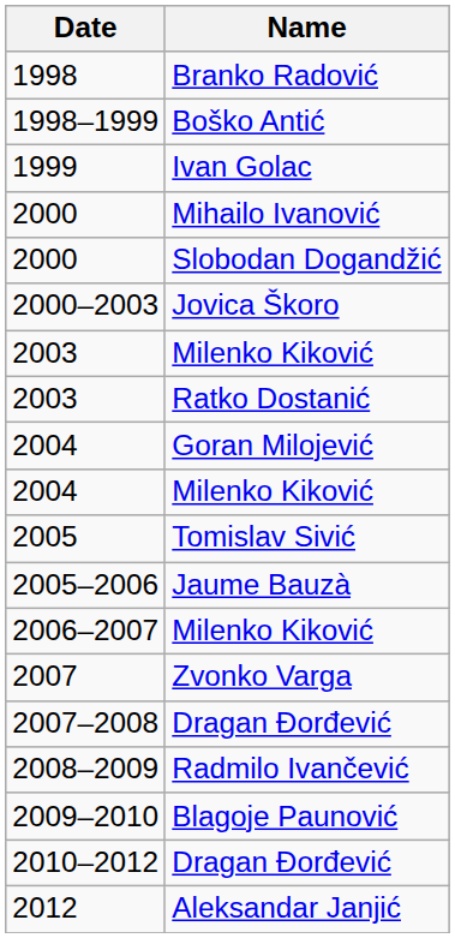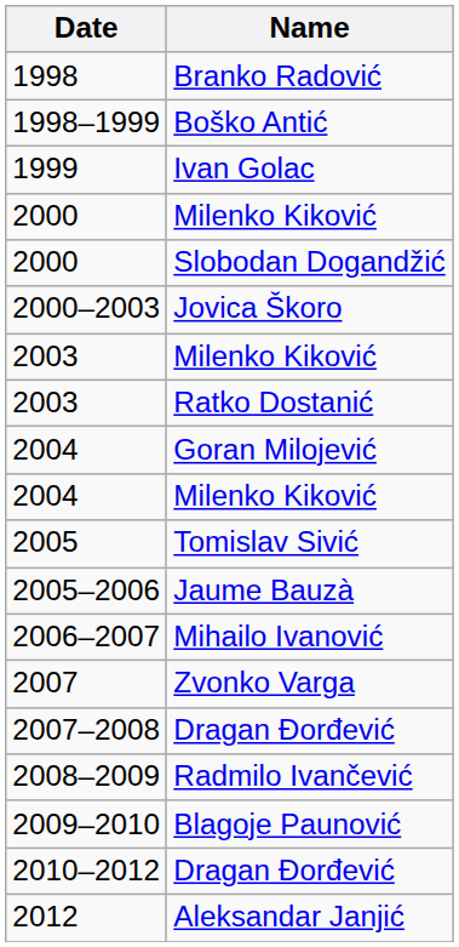 <table class="wikitable">
 <tr>
 <th>Date</th>
 <th>Name</th>
 </tr>
 <tr>
 <td>1998</td>
 <td> <a href='#'>Branko Radović</a></td>
 </tr>
 <tr>
 <td>1998–1999</td>
 <td> <a href='#'>Boško Antić</a></td>
 </tr>
 <tr>
 <td>1999</td>
 <td> <a href='#'>Ivan Golac</a></td>
 </tr>
 <tr>
 <td>2000</td>
-<td> <a href='#'>Mihailo Ivanović</a></td>
+<td> <a href='#'>Milenko Kiković</a></td>
 </tr>
 <tr>
 <td>2000</td>
 <td> <a href='#'>Slobodan Dogandžić</a></td>
 </tr>
 <tr>
 <td>2000–2003</td>
 <td> <a href='#'>Jovica Škoro</a></td>
 </tr>
 <tr>
 <td>2003</td>
 <td> <a href='#'>Milenko Kiković</a></td>
 </tr>
 <tr>
 <td>2003</td>
 <td> <a href='#'>Ratko Dostanić</a></td>
 </tr>
 <tr>
 <td>2004</td>
 <td> <a href='#'>Goran Milojević</a></td>
 </tr>
 <tr>
 <td>2004</td>
 <td> <a href='#'>Milenko Kiković</a></td>
 </tr>
 <tr>
 <td>2005</td>
 <td> <a href='#'>Tomislav Sivić</a></td>
 </tr>
 <tr>
 <td>2005–2006</td>
 <td> <a href='#'>Jaume Bauzà</a></td>
 </tr>
 <tr>
 <td>2006–2007</td>
-<td> <a href='#'>Milenko Kiković</a></td>
+<td> <a href='#'>Mihailo Ivanović</a></td>
 </tr>
 <tr>
 <td>2007</td>
 <td> <a href='#'>Zvonko Varga</a></td>
 </tr>
 <tr>
 <td>2007–2008</td>
 <td> <a href='#'>Dragan Đorđević</a></td>
 </tr>
 <tr>
 <td>2008–2009</td>
 <td> <a href='#'>Radmilo Ivančević</a></td>
 </tr>
 <tr>
 <td>2009–2010</td>
 <td> <a href='#'>Blagoje Paunović</a></td>
 </tr>
 <tr>
 <td>2010–2012</td>
 <td> <a href='#'>Dragan Đorđević</a></td>
 </tr>
 <tr>
 <td>2012</td>
 <td> <a href='#'>Aleksandar Janjić</a></td>
 </tr>
 </table>
